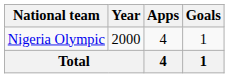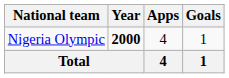 <table class="wikitable" style="text-align:center">
 <tr>
 <th>National team</th>
 <th>Year</th>
 <th>Apps</th>
 <th>Goals</th>
 </tr>
 <tr>
 <td><a href='#'>Nigeria Olympic</a></td>
-<td>2000</td>
+<td><strong>2000</strong></td>
 <td>4</td>
 <td>1</td>
 </tr>
 <tr>
 <th colspan="2">Total</th>
 <th>4</th>
 <th>1</th>
 </tr>
 </table>
